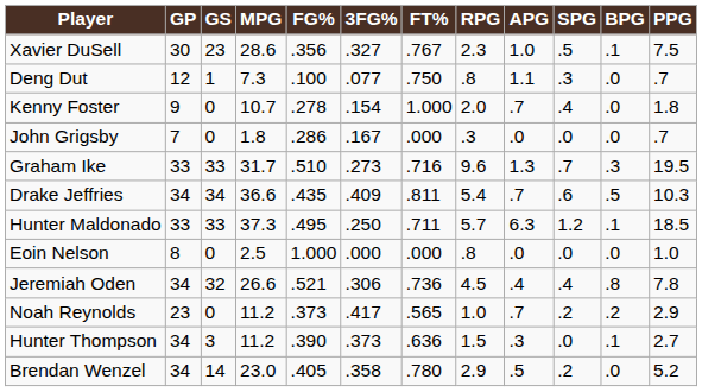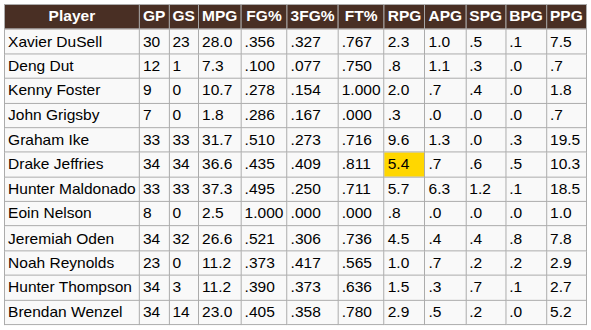 <table class="wikitable sortable">
 <tr>
 <th style="background:#492f24; color:white">Player</th>
 <th style="background:#492f24; color:white">GP</th>
 <th style="background:#492f24; color:white">GS</th>
 <th style="background:#492f24; color:white">MPG</th>
 <th style="background:#492f24; color:white">FG%</th>
 <th style="background:#492f24; color:white">3FG%</th>
 <th style="background:#492f24; color:white">FT%</th>
 <th style="background:#492f24; color:white;">RPG</th>
 <th style="background:#492f24; color:white;">APG</th>
 <th style="background:#492f24; color:white;">SPG</th>
 <th style="background:#492f24; color:white;">BPG</th>
 <th style="background:#492f24; color:white;">PPG</th>
 </tr>
 <tr>
 <td>Xavier DuSell</td>
 <td>30</td>
 <td>23</td>
-<td>28.6</td>
+<td>28.0</td>
 <td>.356</td>
 <td>.327</td>
 <td>.767</td>
 <td>2.3</td>
 <td>1.0</td>
 <td>.5</td>
 <td>.1</td>
 <td>7.5</td>
 </tr>
 <tr>
 <td>Deng Dut</td>
 <td>12</td>
 <td>1</td>
 <td>7.3</td>
 <td>.100</td>
 <td>.077</td>
 <td>.750</td>
 <td>.8</td>
 <td>1.1</td>
 <td>.3</td>
 <td>.0</td>
 <td>.7</td>
 </tr>
 <tr>
 <td>Kenny Foster</td>
 <td>9</td>
 <td>0</td>
 <td>10.7</td>
 <td>.278</td>
 <td>.154</td>
 <td>1.000</td>
 <td>2.0</td>
 <td>.7</td>
 <td>.4</td>
 <td>.0</td>
 <td>1.8</td>
 </tr>
 <tr>
 <td>John Grigsby</td>
 <td>7</td>
 <td>0</td>
 <td>1.8</td>
 <td>.286</td>
 <td>.167</td>
 <td>.000</td>
 <td>.3</td>
 <td>.0</td>
 <td>.0</td>
 <td>.0</td>
 <td>.7</td>
 </tr>
 <tr>
 <td>Graham Ike</td>
 <td>33</td>
 <td>33</td>
 <td>31.7</td>
 <td>.510</td>
 <td>.273</td>
 <td>.716</td>
 <td>9.6</td>
 <td>1.3</td>
-<td>.7</td>
+<td>.0</td>
 <td>.3</td>
 <td>19.5</td>
 </tr>
 <tr>
 <td>Drake Jeffries</td>
 <td>34</td>
 <td>34</td>
 <td>36.6</td>
 <td>.435</td>
 <td>.409</td>
 <td>.811</td>
-<td>5.4</td>
+<td style="background: gold;">5.4</td>
 <td>.7</td>
 <td>.6</td>
 <td>.5</td>
 <td>10.3</td>
 </tr>
 <tr>
 <td>Hunter Maldonado</td>
 <td>33</td>
 <td>33</td>
 <td>37.3</td>
 <td>.495</td>
 <td>.250</td>
 <td>.711</td>
 <td>5.7</td>
 <td>6.3</td>
 <td>1.2</td>
 <td>.1</td>
 <td>18.5</td>
 </tr>
 <tr>
 <td>Eoin Nelson</td>
 <td>8</td>
 <td>0</td>
 <td>2.5</td>
 <td>1.000</td>
 <td>.000</td>
 <td>.000</td>
 <td>.8</td>
 <td>.0</td>
 <td>.0</td>
 <td>.0</td>
 <td>1.0</td>
 </tr>
 <tr>
 <td>Jeremiah Oden</td>
 <td>34</td>
 <td>32</td>
 <td>26.6</td>
 <td>.521</td>
 <td>.306</td>
 <td>.736</td>
 <td>4.5</td>
 <td>.4</td>
 <td>.4</td>
 <td>.8</td>
 <td>7.8</td>
 </tr>
 <tr>
 <td>Noah Reynolds</td>
 <td>23</td>
 <td>0</td>
 <td>11.2</td>
 <td>.373</td>
 <td>.417</td>
 <td>.565</td>
 <td>1.0</td>
 <td>.7</td>
 <td>.2</td>
 <td>.2</td>
 <td>2.9</td>
 </tr>
 <tr>
 <td>Hunter Thompson</td>
 <td>34</td>
 <td>3</td>
 <td>11.2</td>
 <td>.390</td>
 <td>.373</td>
 <td>.636</td>
 <td>1.5</td>
 <td>.3</td>
-<td>.0</td>
+<td>.7</td>
 <td>.1</td>
 <td>2.7</td>
 </tr>
 <tr>
 <td>Brendan Wenzel</td>
 <td>34</td>
 <td>14</td>
 <td>23.0</td>
 <td>.405</td>
 <td>.358</td>
 <td>.780</td>
 <td>2.9</td>
 <td>.5</td>
 <td>.2</td>
 <td>.0</td>
 <td>5.2</td>
 </tr>
 </table>
